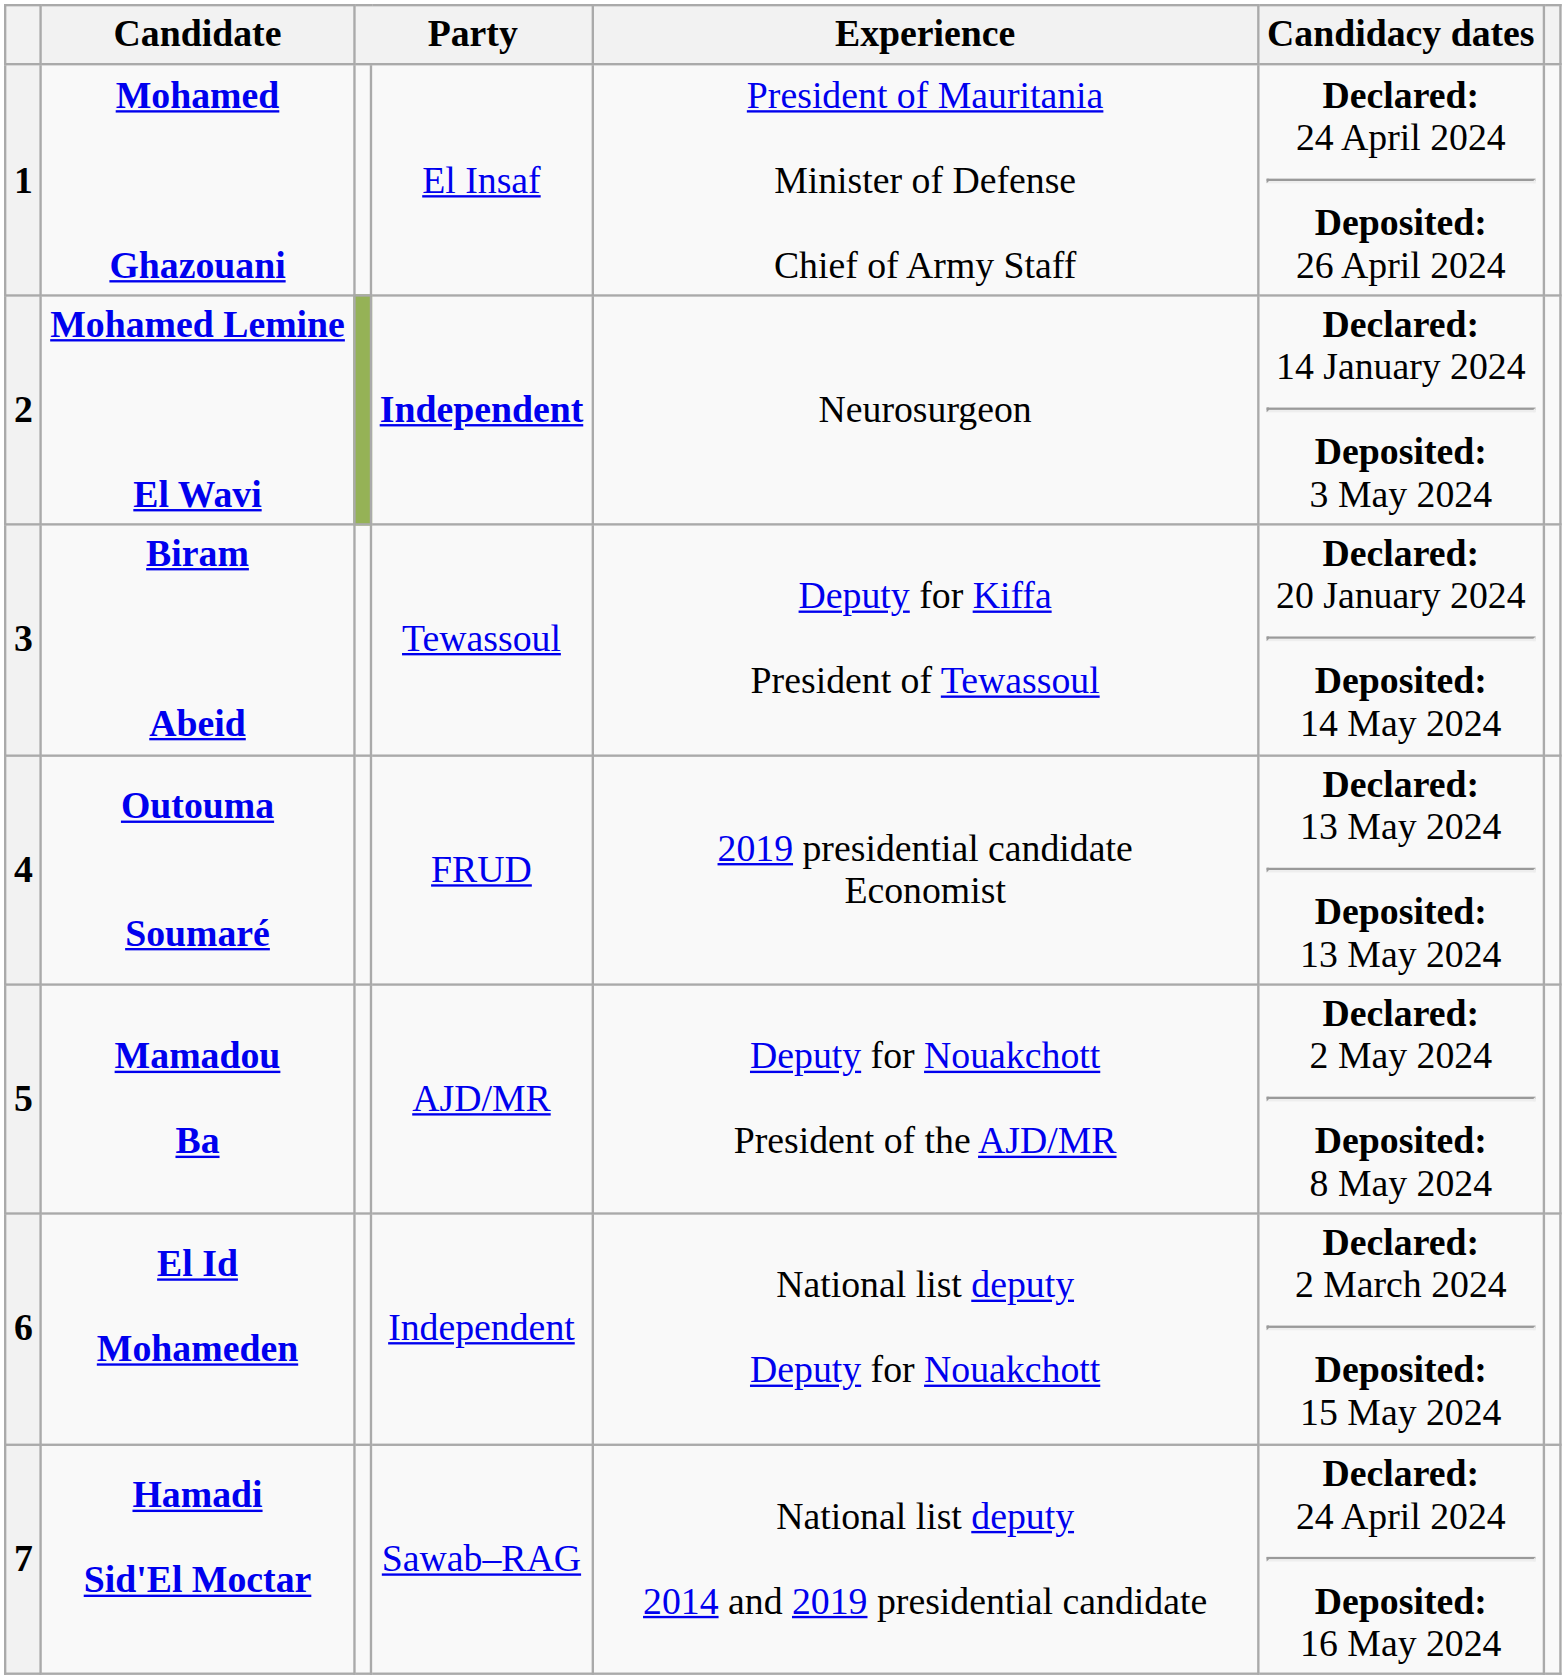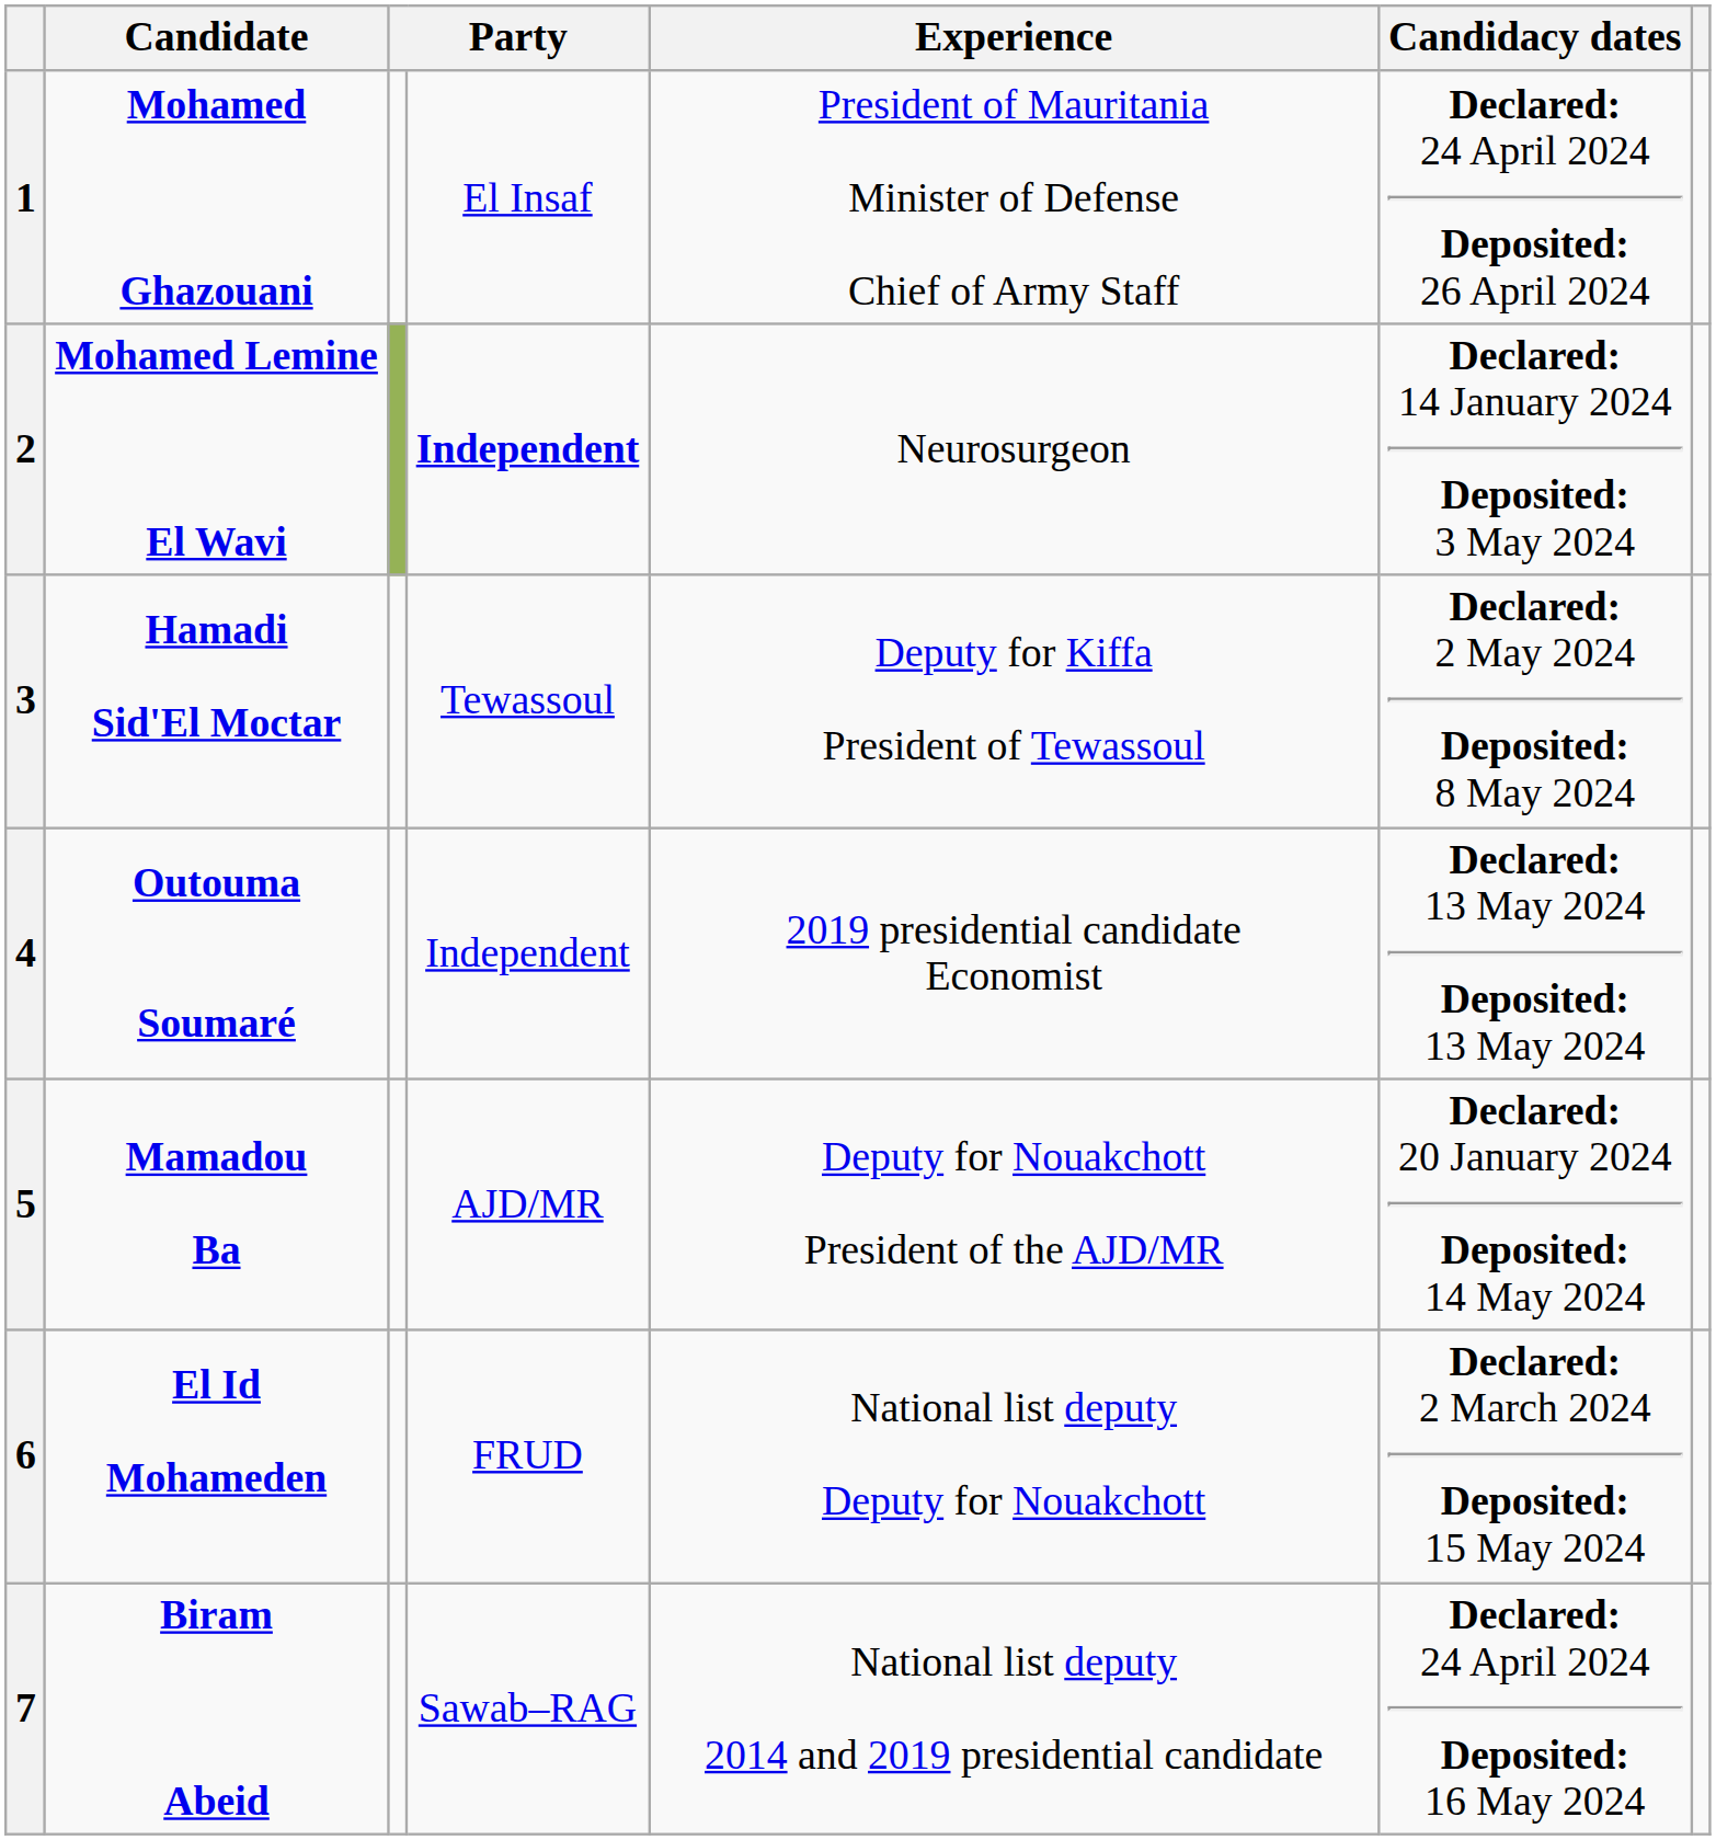 <table class="wikitable" style="text-align:center">
 <tr>
 <th></th>
 <th>Candidate</th>
 <th colspan="2">Party</th>
 <th width="275">Experience</th>
 <th>Candidacy dates</th>
 <th></th>
 </tr>
 <tr>
 <th>1</th>
 <td><strong><a href='#'>Mohamed<br><br><br><br>Ghazouani</a></strong></td>
 <td style="background:"></td>
 <td><a href='#'>El Insaf</a></td>
 <td><a href='#'>President of Mauritania</a><br><br>Minister of Defense<br><br>Chief of Army Staff<br></td>
 <td><strong>Declared:</strong><br>24 April 2024<hr><strong>Deposited:</strong><br>26 April 2024</td>
 <td><br></td>
 </tr>
 <tr>
 <th>2</th>
 <td><strong><a href='#'>Mohamed Lemine<br><br><br><br>El Wavi</a></strong></td>
 <td style="background:#95B256"></td>
 <td><strong><a href='#'>Independent</a></strong></td>
 <td>Neurosurgeon</td>
 <td><strong>Declared:</strong><br>14 January 2024<hr><strong>Deposited:</strong><br>3 May 2024</td>
 <td><br></td>
 </tr>
 <tr>
 <th>3</th>
-<td><strong><a href='#'>Biram<br><br><br><br>Abeid</a></strong></td>
+<td><strong><a href='#'>Hamadi<br><br>Sid'El Moctar<br><br></a></strong></td>
 <td style="background:"></td>
 <td><a href='#'>Tewassoul</a></td>
 <td><a href='#'>Deputy</a> for <a href='#'>Kiffa</a><br><br>President of <a href='#'>Tewassoul</a><br></td>
-<td><strong>Declared:</strong><br>20 January 2024<hr><strong>Deposited:</strong><br>14 May 2024</td>
+<td><strong>Declared:</strong><br>2 May 2024<hr><strong>Deposited:</strong><br>8 May 2024</td>
 <td><br></td>
 </tr>
 <tr>
 <th>4</th>
 <td><strong><a href='#'>Outouma<br><br><br>Soumaré</a></strong></td>
 <td style="background:"></td>
-<td><a href='#'>FRUD</a></td>
+<td><a href='#'>Independent</a></td>
 <td><a href='#'>2019</a> presidential candidate<br>Economist</td>
 <td><strong>Declared:</strong><br>13 May 2024<hr><strong>Deposited:</strong><br>13 May 2024</td>
 <td></td>
 </tr>
 <tr>
 <th>5</th>
 <td><strong><a href='#'>Mamadou<br><br>Ba</a></strong></td>
 <td style="background:"></td>
 <td><a href='#'>AJD/MR</a></td>
 <td><a href='#'>Deputy</a> for <a href='#'>Nouakchott</a><br><br>President of the <a href='#'>AJD/MR</a><br></td>
-<td><strong>Declared:</strong><br>2 May 2024<hr><strong>Deposited:</strong><br>8 May 2024</td>
+<td><strong>Declared:</strong><br>20 January 2024<hr><strong>Deposited:</strong><br>14 May 2024</td>
 <td><br></td>
 </tr>
 <tr>
 <th>6</th>
 <td><strong><a href='#'>El Id<br><br>Mohameden<br><br></a></strong></td>
 <td style="background:"></td>
-<td><a href='#'>Independent</a></td>
+<td><a href='#'>FRUD</a></td>
 <td>National list <a href='#'>deputy</a><br><br><a href='#'>Deputy</a> for <a href='#'>Nouakchott</a><br></td>
 <td><strong>Declared:</strong><br>2 March 2024<hr><strong>Deposited:</strong><br>15 May 2024</td>
 <td><br></td>
 </tr>
 <tr>
 <th>7</th>
-<td><strong><a href='#'>Hamadi<br><br>Sid'El Moctar<br><br></a></strong></td>
+<td><strong><a href='#'>Biram<br><br><br><br>Abeid</a></strong></td>
 <td style="background:"></td>
 <td><a href='#'>Sawab–RAG</a></td>
 <td>National list <a href='#'>deputy</a><br><br><a href='#'>2014</a> and <a href='#'>2019</a> presidential candidate</td>
 <td><strong>Declared:</strong><br>24 April 2024<hr><strong>Deposited:</strong><br>16 May 2024</td>
 <td><br></td>
 </tr>
 </table>
